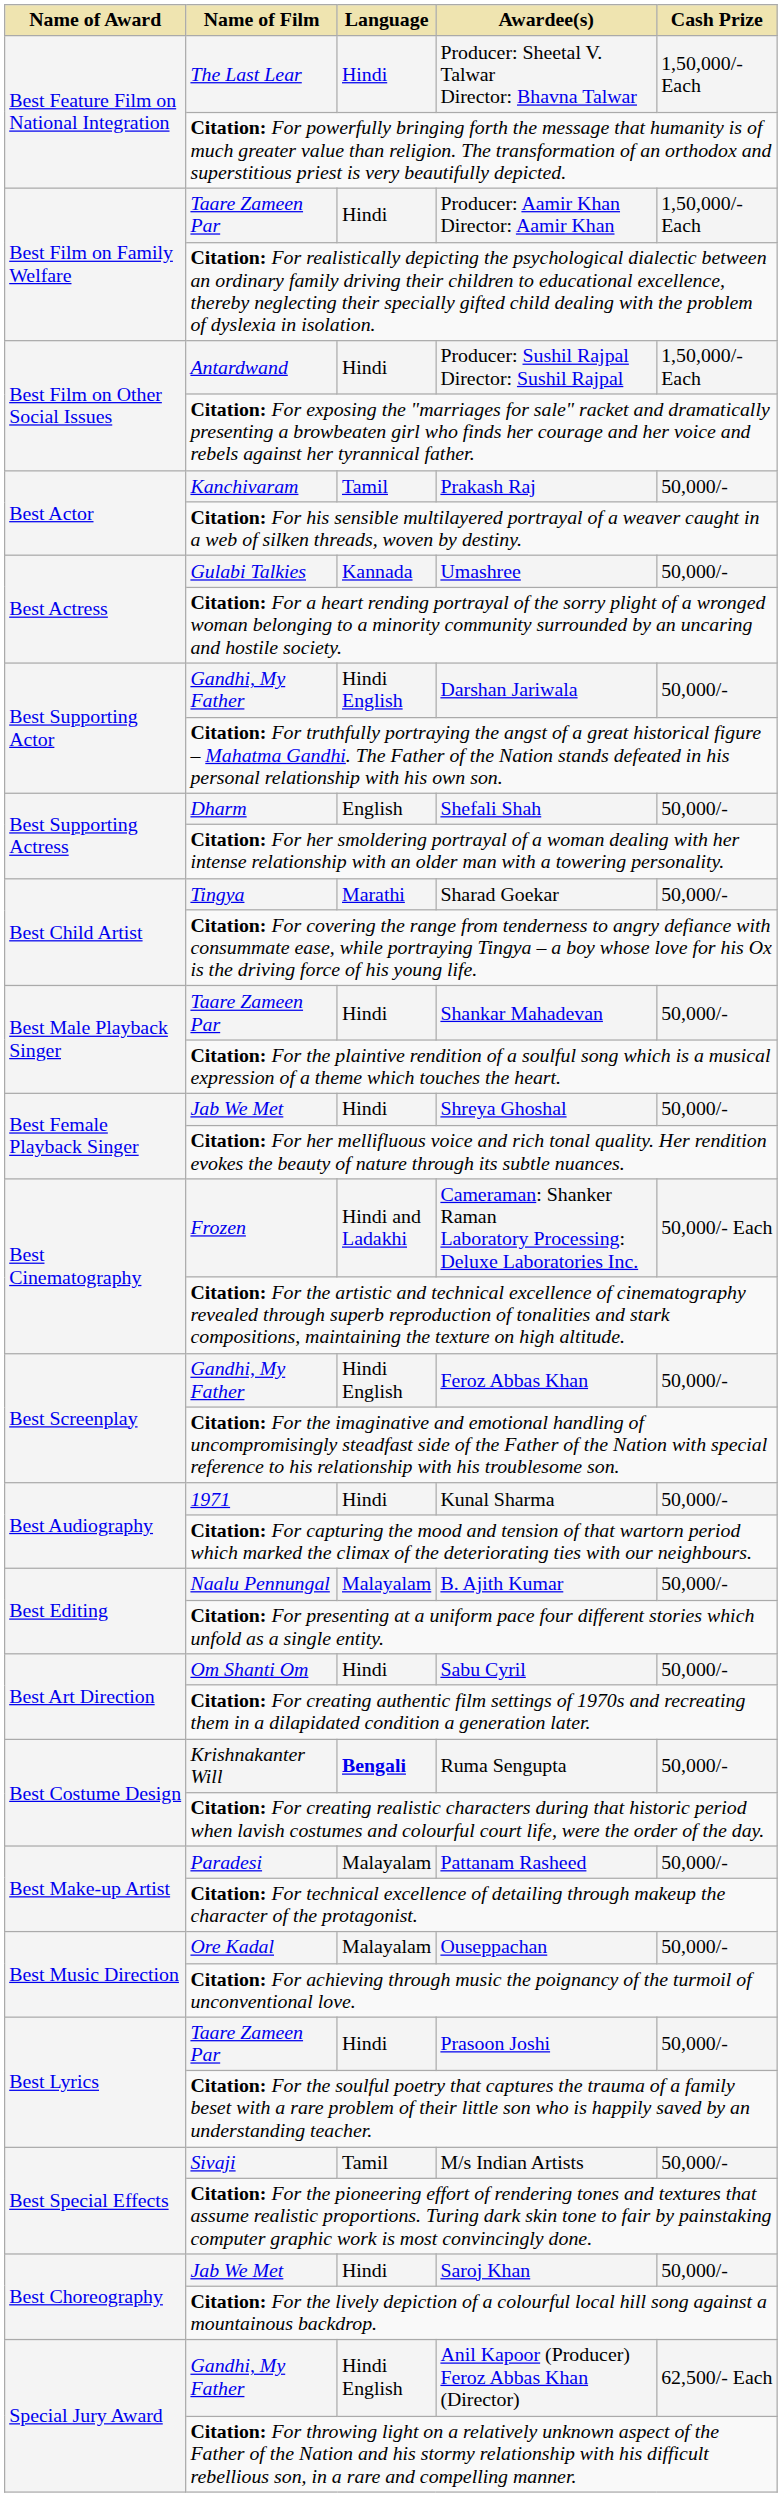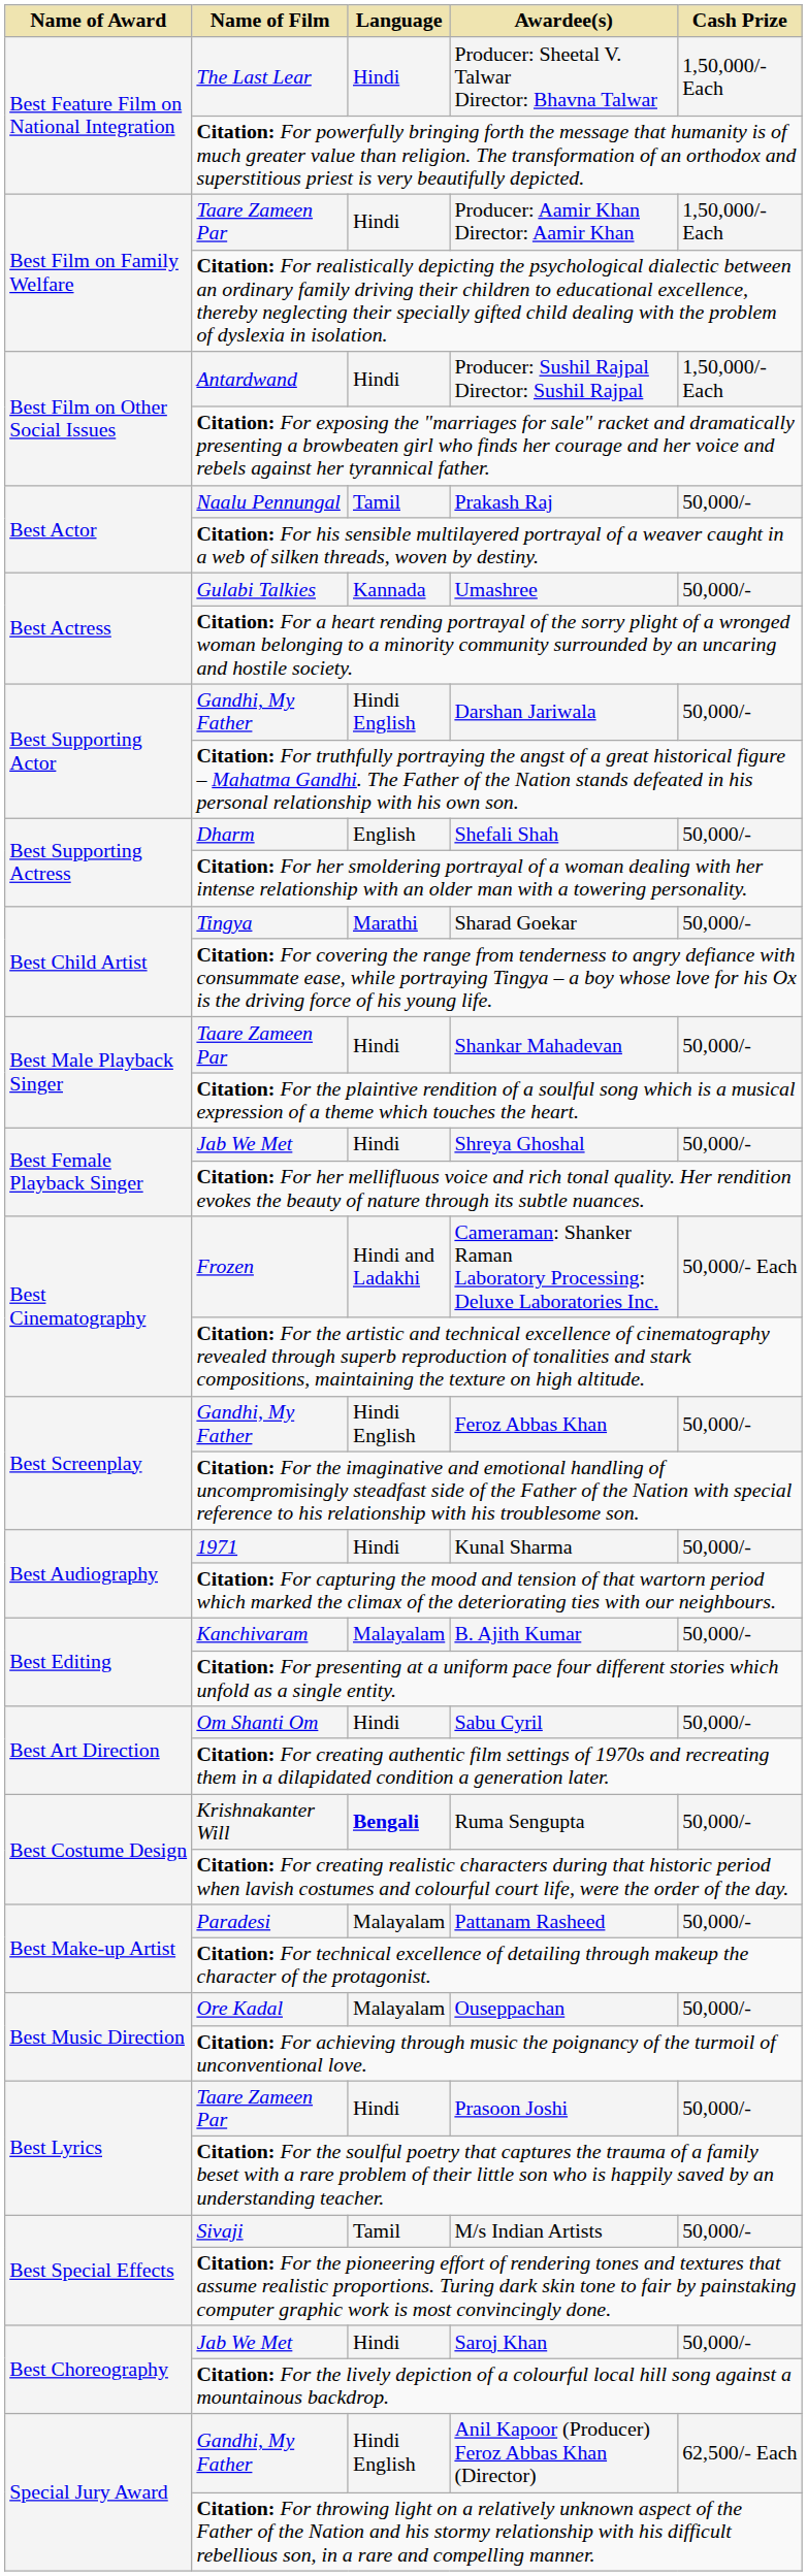 <table class="wikitable" style="width:100%;">
 <tr>
 <th style="background-color:#EFE4B0;width:24%;">Name of Award</th>
 <th style="background-color:#EFE4B0;width:20%;">Name of Film</th>
 <th style="background-color:#EFE4B0;width:10%;">Language</th>
 <th style="background-color:#EFE4B0;width:30%;">Awardee(s)</th>
 <th style="background-color:#EFE4B0;width:16%;">Cash Prize</th>
 </tr>
 <tr style="background:#F4F4F4">
 <td rowspan="2"><a href='#'>Best Feature Film on National Integration</a></td>
 <td><em><a href='#'>The Last Lear</a></em></td>
 <td><a href='#'>Hindi</a></td>
 <td>Producer: Sheetal V. Talwar<br>Director: <a href='#'>Bhavna Talwar</a></td>
 <td> 1,50,000/- Each</td>
 </tr>
 <tr style="background:#F9F9F9">
 <td colspan="4"><strong>Citation:</strong> <em>For powerfully bringing forth the message that humanity is of much greater value than religion. The transformation of an orthodox and superstitious priest is very beautifully depicted.</em></td>
 </tr>
 <tr style="background:#F4F4F4">
 <td rowspan="2"><a href='#'>Best Film on Family Welfare</a></td>
 <td><em><a href='#'>Taare Zameen Par</a></em></td>
 <td>Hindi</td>
 <td>Producer: <a href='#'>Aamir Khan</a><br>Director: <a href='#'>Aamir Khan</a></td>
 <td> 1,50,000/- Each</td>
 </tr>
 <tr style="background:#F9F9F9">
 <td colspan="4"><strong>Citation:</strong> <em>For realistically depicting the psychological dialectic between an ordinary family driving their children to educational excellence, thereby neglecting their specially gifted child dealing with the problem of dyslexia in isolation.</em></td>
 </tr>
 <tr style="background:#F4F4F4">
 <td rowspan="2"><a href='#'>Best Film on Other Social Issues</a></td>
 <td><em><a href='#'>Antardwand</a></em></td>
 <td>Hindi</td>
 <td>Producer: <a href='#'>Sushil Rajpal</a><br>Director: <a href='#'>Sushil Rajpal</a></td>
 <td> 1,50,000/- Each</td>
 </tr>
 <tr style="background:#F9F9F9">
 <td colspan="4"><strong>Citation:</strong> <em>For exposing the "marriages for sale" racket and dramatically presenting a browbeaten girl who finds her courage and her voice and rebels against her tyrannical father.</em></td>
 </tr>
 <tr style="background:#F4F4F4">
 <td rowspan="2"><a href='#'>Best Actor</a></td>
-<td><em><a href='#'>Kanchivaram</a></em></td>
+<td><em><a href='#'>Naalu Pennungal</a></em></td>
 <td><a href='#'>Tamil</a></td>
 <td><a href='#'>Prakash Raj</a></td>
 <td> 50,000/-</td>
 </tr>
 <tr style="background:#F9F9F9">
 <td colspan="4"><strong>Citation:</strong> <em>For his sensible multilayered portrayal of a weaver caught in a web of silken threads, woven by destiny.</em></td>
 </tr>
 <tr style="background:#F4F4F4">
 <td rowspan="2"><a href='#'>Best Actress</a></td>
 <td><em><a href='#'>Gulabi Talkies</a></em></td>
 <td><a href='#'>Kannada</a></td>
 <td><a href='#'>Umashree</a></td>
 <td> 50,000/-</td>
 </tr>
 <tr style="background:#F9F9F9">
 <td colspan="4"><strong>Citation:</strong> <em>For a heart rending portrayal of the sorry plight of a wronged woman belonging to a minority community surrounded by an uncaring and hostile society.</em></td>
 </tr>
 <tr style="background:#F4F4F4">
 <td rowspan="2"><a href='#'>Best Supporting Actor</a></td>
 <td><em><a href='#'>Gandhi, My Father</a></em></td>
 <td>Hindi<br><a href='#'>English</a></td>
 <td><a href='#'>Darshan Jariwala</a></td>
 <td> 50,000/-</td>
 </tr>
 <tr style="background:#F9F9F9">
 <td colspan="4"><strong>Citation:</strong> <em>For truthfully portraying the angst of a great historical figure – <a href='#'>Mahatma Gandhi</a>. The Father of the Nation stands defeated in his personal  relationship with his own son.</em></td>
 </tr>
 <tr style="background:#F4F4F4">
 <td rowspan="2"><a href='#'>Best Supporting Actress</a></td>
 <td><em><a href='#'>Dharm</a></em></td>
 <td>English</td>
 <td><a href='#'>Shefali Shah</a></td>
 <td> 50,000/-</td>
 </tr>
 <tr style="background:#F9F9F9">
 <td colspan="4"><strong>Citation:</strong> <em>For her smoldering portrayal of a woman dealing with her intense relationship with an older man with a towering personality.</em></td>
 </tr>
 <tr style="background:#F4F4F4">
 <td rowspan="2"><a href='#'>Best Child Artist</a></td>
 <td><em><a href='#'>Tingya</a></em></td>
 <td><a href='#'>Marathi</a></td>
 <td>Sharad Goekar</td>
 <td> 50,000/-</td>
 </tr>
 <tr style="background:#F9F9F9">
 <td colspan="4"><strong>Citation:</strong> <em>For covering the range from tenderness to angry defiance with consummate ease, while portraying Tingya – a boy whose love for his Ox is the driving force of his young life.</em></td>
 </tr>
 <tr style="background:#F4F4F4">
 <td rowspan="2"><a href='#'>Best Male Playback Singer</a></td>
 <td><em><a href='#'>Taare Zameen Par</a></em><br> </td>
 <td>Hindi</td>
 <td><a href='#'>Shankar Mahadevan</a></td>
 <td> 50,000/-</td>
 </tr>
 <tr style="background:#F9F9F9">
 <td colspan="4"><strong>Citation:</strong> <em>For the plaintive rendition of a soulful song which is a musical expression of a theme which touches the heart.</em></td>
 </tr>
 <tr style="background:#F4F4F4">
 <td rowspan="2"><a href='#'>Best Female Playback Singer</a></td>
 <td><em><a href='#'>Jab We Met</a></em><br></td>
 <td>Hindi</td>
 <td><a href='#'>Shreya Ghoshal</a></td>
 <td> 50,000/-</td>
 </tr>
 <tr style="background:#F9F9F9">
 <td colspan="4"><strong>Citation:</strong> <em>For her mellifluous voice and rich tonal quality. Her rendition evokes the beauty of nature through its subtle nuances.</em></td>
 </tr>
 <tr style="background:#F4F4F4">
 <td rowspan="2"><a href='#'>Best Cinematography</a></td>
 <td><em><a href='#'>Frozen</a></em></td>
 <td>Hindi and <a href='#'>Ladakhi</a></td>
 <td><a href='#'>Cameraman</a>: Shanker Raman<br><a href='#'>Laboratory Processing</a>: <a href='#'>Deluxe Laboratories Inc.</a></td>
 <td> 50,000/- Each</td>
 </tr>
 <tr style="background:#F9F9F9">
 <td colspan="4"><strong>Citation:</strong> <em>For the artistic and technical excellence of cinematography revealed through superb reproduction of tonalities and stark compositions, maintaining the texture on high altitude.</em></td>
 </tr>
 <tr style="background:#F4F4F4">
 <td rowspan="2"><a href='#'>Best Screenplay</a></td>
 <td><em><a href='#'>Gandhi, My Father</a></em></td>
 <td>Hindi<br>English</td>
 <td><a href='#'>Feroz Abbas Khan</a></td>
 <td> 50,000/-</td>
 </tr>
 <tr style="background:#F9F9F9">
 <td colspan="4"><strong>Citation:</strong> <em>For the imaginative and emotional handling of uncompromisingly steadfast side of the Father of the Nation with special reference to his relationship with his troublesome son.</em></td>
 </tr>
 <tr style="background:#F4F4F4">
 <td rowspan="2"><a href='#'>Best Audiography</a></td>
 <td><em><a href='#'>1971</a></em></td>
 <td>Hindi</td>
 <td>Kunal Sharma</td>
 <td> 50,000/-</td>
 </tr>
 <tr style="background:#F9F9F9">
 <td colspan="4"><strong>Citation:</strong> <em>For capturing the mood and tension of that wartorn period which marked the climax of the deteriorating ties with our neighbours.</em></td>
 </tr>
 <tr style="background:#F4F4F4">
 <td rowspan="2"><a href='#'>Best Editing</a></td>
-<td><em><a href='#'>Naalu Pennungal</a></em></td>
+<td><em><a href='#'>Kanchivaram</a></em></td>
 <td><a href='#'>Malayalam</a></td>
 <td><a href='#'>B. Ajith Kumar</a></td>
 <td> 50,000/-</td>
 </tr>
 <tr style="background:#F9F9F9">
 <td colspan="4"><strong>Citation:</strong> <em>For presenting at a uniform pace four different stories which unfold as a single entity.</em></td>
 </tr>
 <tr style="background:#F4F4F4">
 <td rowspan="2"><a href='#'>Best Art Direction</a></td>
 <td><em><a href='#'>Om Shanti Om</a></em></td>
 <td>Hindi</td>
 <td><a href='#'>Sabu Cyril</a></td>
 <td> 50,000/-</td>
 </tr>
 <tr style="background:#F9F9F9">
 <td colspan="4"><strong>Citation:</strong> <em>For creating authentic film settings of 1970s and recreating them in a dilapidated condition a generation later.</em></td>
 </tr>
 <tr style="background:#F4F4F4">
 <td rowspan="2"><a href='#'>Best Costume Design</a></td>
 <td><em>Krishnakanter Will</em></td>
 <td><strong><a href='#'>Bengali</a></strong></td>
 <td>Ruma Sengupta</td>
 <td> 50,000/-</td>
 </tr>
 <tr style="background:#F9F9F9">
 <td colspan="4"><strong>Citation:</strong> <em>For creating realistic characters during that historic period when lavish costumes and colourful court life, were the order of the day.</em></td>
 </tr>
 <tr style="background:#F4F4F4">
 <td rowspan="2"><a href='#'>Best Make-up Artist</a></td>
 <td><em><a href='#'>Paradesi</a></em></td>
 <td>Malayalam</td>
 <td><a href='#'>Pattanam Rasheed</a></td>
 <td> 50,000/-</td>
 </tr>
 <tr style="background:#F9F9F9">
 <td colspan="4"><strong>Citation:</strong> <em>For technical excellence of detailing through makeup the character of the protagonist.</em></td>
 </tr>
 <tr style="background:#F4F4F4">
 <td rowspan="2"><a href='#'>Best Music Direction</a></td>
 <td><em><a href='#'>Ore Kadal</a></em></td>
 <td>Malayalam</td>
 <td><a href='#'>Ouseppachan</a></td>
 <td> 50,000/-</td>
 </tr>
 <tr style="background:#F9F9F9">
 <td colspan="4"><strong>Citation:</strong> <em>For achieving through music the poignancy of the turmoil of unconventional love.</em></td>
 </tr>
 <tr style="background:#F4F4F4">
 <td rowspan="2"><a href='#'>Best Lyrics</a></td>
 <td><em><a href='#'>Taare Zameen Par</a></em></td>
 <td>Hindi</td>
 <td><a href='#'>Prasoon Joshi</a></td>
 <td> 50,000/-</td>
 </tr>
 <tr style="background:#F9F9F9">
 <td colspan="4"><strong>Citation:</strong> <em>For the soulful poetry that captures the trauma of a family beset with a rare problem of their little son who is happily saved by an understanding teacher.</em></td>
 </tr>
 <tr style="background:#F4F4F4">
 <td rowspan="2"><a href='#'>Best Special Effects</a></td>
 <td><em><a href='#'>Sivaji</a></em></td>
 <td>Tamil</td>
 <td>M/s Indian Artists</td>
 <td> 50,000/-</td>
 </tr>
 <tr style="background:#F9F9F9">
 <td colspan="4"><strong>Citation:</strong> <em>For the pioneering effort of rendering tones and textures that assume realistic proportions. Turing dark skin tone to fair by painstaking computer graphic work is most convincingly done.</em></td>
 </tr>
 <tr style="background:#F4F4F4">
 <td rowspan="2"><a href='#'>Best Choreography</a></td>
 <td><em><a href='#'>Jab We Met</a></em><br></td>
 <td>Hindi</td>
 <td><a href='#'>Saroj Khan</a></td>
 <td> 50,000/-</td>
 </tr>
 <tr style="background:#F9F9F9">
 <td colspan="4"><strong>Citation:</strong> <em>For the lively depiction of a colourful local hill song against a mountainous backdrop.</em></td>
 </tr>
 <tr style="background:#F4F4F4">
 <td rowspan="2"><a href='#'>Special Jury Award</a></td>
 <td><em><a href='#'>Gandhi, My Father</a></em></td>
 <td>Hindi<br>English</td>
 <td><a href='#'>Anil Kapoor</a> (Producer)<br><a href='#'>Feroz Abbas Khan</a> (Director)</td>
 <td> 62,500/- Each</td>
 </tr>
 <tr style="background:#F9F9F9">
 <td colspan="4"><strong>Citation:</strong> <em>For throwing light on a relatively unknown aspect of the Father of the Nation and his stormy relationship with his difficult rebellious son, in a rare and compelling manner.</em></td>
 </tr>
 </table>
